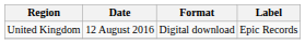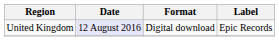 <table class=wikitable>
 <tr>
 <th>Region</th>
 <th>Date</th>
 <th>Format</th>
 <th>Label</th>
 </tr>
 <tr>
 <td>United Kingdom</td>
-<td>12 August 2016</td>
+<td style="background: lavender;">12 August 2016</td>
 <td>Digital download</td>
 <td>Epic Records</td>
 </tr>
 <tr>
 </tr>
 </table>
